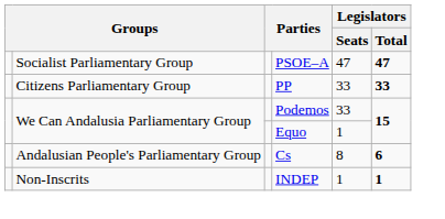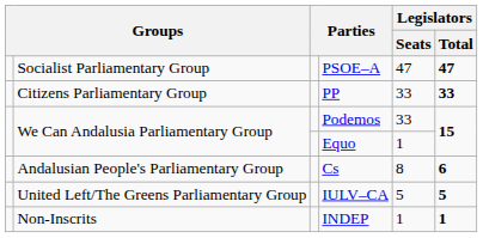 <table class="wikitable" style="text-align:left;">
 <tr>
 <th rowspan="2" colspan="2">Groups</th>
 <th rowspan="2" colspan="2">Parties</th>
 <th colspan="2">Legislators</th>
 </tr>
 <tr>
 <th>Seats</th>
 <th>Total</th>
 </tr>
 <tr>
 <td width="1" style="color:inherit;background:"></td>
 <td>Socialist Parliamentary Group</td>
 <td width="1" style="color:inherit;background:"></td>
 <td><a href='#'>PSOE–A</a></td>
 <td>47</td>
 <td><strong>47</strong></td>
 </tr>
 <tr>
 <td style="color:inherit;background:"></td>
 <td>Citizens Parliamentary Group</td>
 <td style="color:inherit;background:"></td>
 <td><a href='#'>PP</a></td>
 <td>33</td>
 <td><strong>33</strong></td>
 </tr>
 <tr>
 <td rowspan="2" style="color:inherit;background:"></td>
 <td rowspan="2">We Can Andalusia Parliamentary Group</td>
 <td style="color:inherit;background:"></td>
 <td><a href='#'>Podemos</a></td>
 <td>33</td>
 <td rowspan="2"><strong>15</strong></td>
 </tr>
 <tr>
 <td style="color:inherit;background:"></td>
 <td><a href='#'>Equo</a></td>
 <td>1</td>
 </tr>
 <tr>
 <td style="color:inherit;background:"></td>
 <td>Andalusian People's Parliamentary Group</td>
 <td style="color:inherit;background:"></td>
 <td><a href='#'>Cs</a></td>
 <td>8</td>
 <td><strong>6</strong></td>
 </tr>
 <tr>
 <td style="color:inherit;background:"></td>
+<td>United Left/The Greens Parliamentary Group</td>
+<td style="color:inherit;background:"></td>
+<td><a href='#'>IULV–CA</a></td>
+<td>5</td>
+<td><strong>5</strong></td>
+</tr>
+<tr>
+<td style="color:inherit;background:"></td>
 <td>Non-Inscrits</td>
 <td style="color:inherit;background:"></td>
 <td><a href='#'>INDEP</a></td>
 <td>1</td>
 <td><strong>1</strong></td>
 </tr>
 </table>
